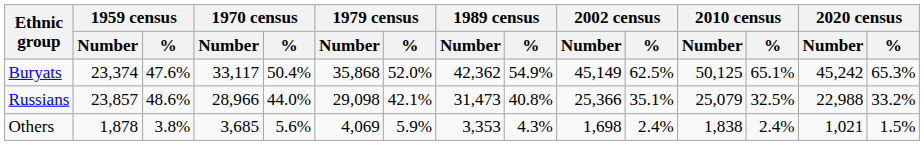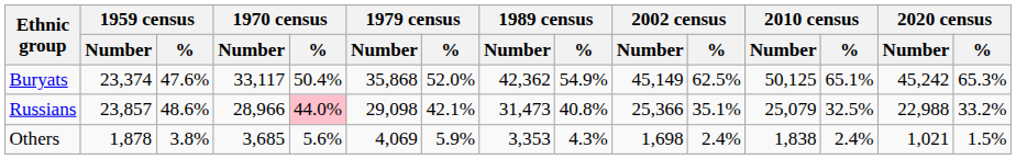 <table class="wikitable" style="text-align: right;">
 <tr bgcolor="#e0e0e0">
 <th rowspan="2">Ethnic<br>group</th>
 <th colspan="2">1959 census</th>
 <th colspan="2">1970 census</th>
 <th colspan="2">1979 census</th>
 <th colspan="2">1989 census</th>
 <th colspan="2">2002 census</th>
 <th colspan="2">2010 census</th>
 <th colspan="2">2020 census</th>
 </tr>
 <tr bgcolor="#e0e0e0">
 <th>Number</th>
 <th>%</th>
 <th>Number</th>
 <th>%</th>
 <th>Number</th>
 <th>%</th>
 <th>Number</th>
 <th>%</th>
 <th>Number</th>
 <th>%</th>
 <th>Number</th>
 <th>%</th>
 <th>Number</th>
 <th>%</th>
 </tr>
 <tr>
 <td align="left"><a href='#'>Buryats</a></td>
 <td>23,374</td>
 <td>47.6%</td>
 <td>33,117</td>
 <td>50.4%</td>
 <td>35,868</td>
 <td>52.0%</td>
 <td>42,362</td>
 <td>54.9%</td>
 <td>45,149</td>
 <td>62.5%</td>
 <td>50,125</td>
 <td>65.1%</td>
 <td>45,242</td>
 <td>65.3%</td>
 </tr>
 <tr>
 <td align="left"><a href='#'>Russians</a></td>
 <td>23,857</td>
 <td>48.6%</td>
 <td>28,966</td>
-<td>44.0%</td>
+<td style="background: pink;">44.0%</td>
 <td>29,098</td>
 <td>42.1%</td>
 <td>31,473</td>
 <td>40.8%</td>
 <td>25,366</td>
 <td>35.1%</td>
 <td>25,079</td>
 <td>32.5%</td>
 <td>22,988</td>
 <td>33.2%</td>
 </tr>
 <tr>
 <td align="left">Others</td>
 <td>1,878</td>
 <td>3.8%</td>
 <td>3,685</td>
 <td>5.6%</td>
 <td>4,069</td>
 <td>5.9%</td>
 <td>3,353</td>
 <td>4.3%</td>
 <td>1,698</td>
 <td>2.4%</td>
 <td>1,838</td>
 <td>2.4%</td>
 <td>1,021</td>
 <td>1.5%</td>
 </tr>
 </table>
